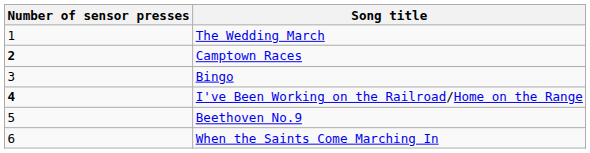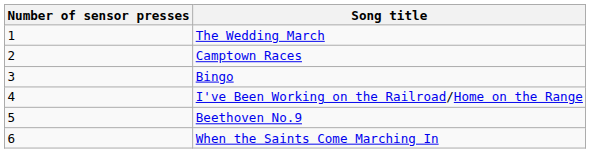 <table class="wikitable">
 <tr>
 <th>Number of sensor presses</th>
 <th>Song title</th>
 </tr>
 <tr>
 <td>1</td>
 <td><a href='#'>The Wedding March</a></td>
 </tr>
 <tr>
-<td><strong>2</strong></td>
+<td>2</td>
 <td><a href='#'>Camptown Races</a></td>
 </tr>
 <tr>
 <td>3</td>
 <td><a href='#'>Bingo</a></td>
 </tr>
 <tr>
-<td><strong>4</strong></td>
+<td>4</td>
 <td><a href='#'>I've Been Working on the Railroad</a>/<a href='#'>Home on the Range</a></td>
 </tr>
 <tr>
 <td>5</td>
 <td><a href='#'>Beethoven No.9</a></td>
 </tr>
 <tr>
 <td>6</td>
 <td><a href='#'>When the Saints Come Marching In</a></td>
 </tr>
 </table>
